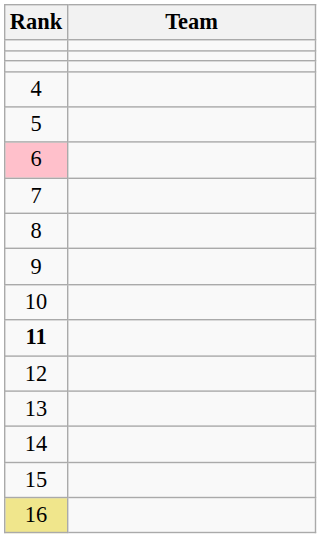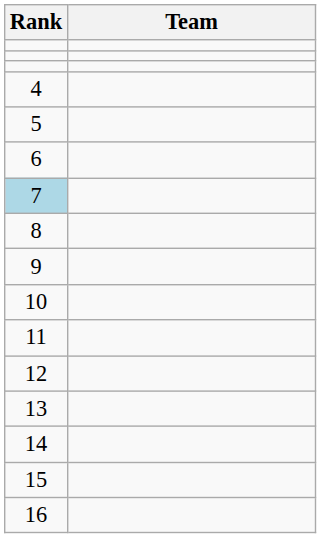 <table class="wikitable">
 <tr>
 <th>Rank</th>
 <th width=170>Team</th>
 </tr>
 <tr>
 <td align=center></td>
 <td></td>
 </tr>
 <tr>
 <td align=center></td>
 <td></td>
 </tr>
 <tr>
 <td align=center></td>
 <td></td>
 </tr>
 <tr>
 <td align=center>4</td>
 <td></td>
 </tr>
 <tr>
 <td align=center>5</td>
 <td></td>
 </tr>
 <tr>
-<td align=center style="background: pink;">6</td>
+<td align=center>6</td>
 <td></td>
 </tr>
 <tr>
-<td align=center>7</td>
+<td align=center style="background: lightblue;">7</td>
 <td></td>
 </tr>
 <tr>
 <td align=center>8</td>
 <td></td>
 </tr>
 <tr>
 <td align=center>9</td>
 <td></td>
 </tr>
 <tr>
 <td align=center>10</td>
 <td></td>
 </tr>
 <tr>
-<td align=center><strong>11</strong></td>
+<td align=center>11</td>
 <td></td>
 </tr>
 <tr>
 <td align=center>12</td>
 <td></td>
 </tr>
 <tr>
 <td align=center>13</td>
 <td></td>
 </tr>
 <tr>
 <td align=center>14</td>
 <td></td>
 </tr>
 <tr>
 <td align=center>15</td>
 <td></td>
 </tr>
 <tr>
-<td align=center style="background: khaki;">16</td>
+<td align=center>16</td>
 <td></td>
 </tr>
 </table>
